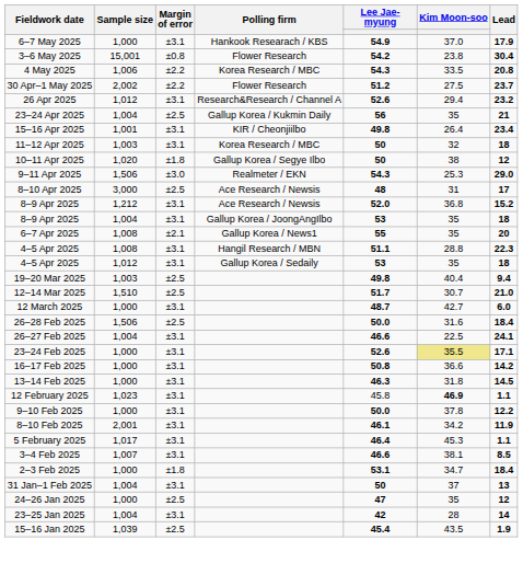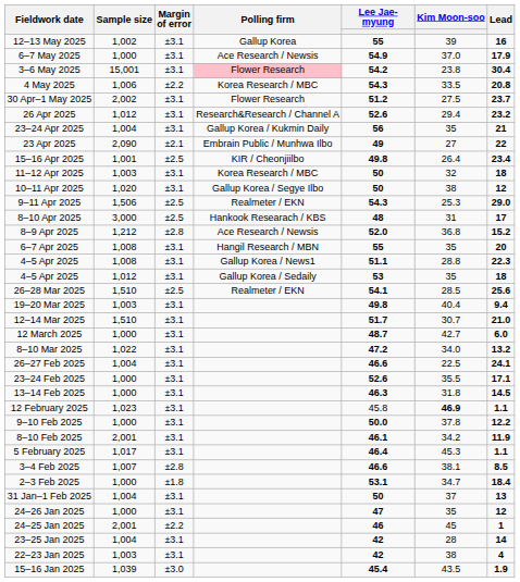 <table class="wikitable tpl-blanktable sortable tpl-blanktable mw-collapsible" style="text-align:center; font-size:85%; line-height:14px">
 <tr>
 <th class="unsortable" rowspan="2">Fieldwork date</th>
 <th class="unsortable" rowspan="2">Sample size</th>
 <th class="unsortable" rowspan="2">Margin<br>of error</th>
 <th class="unsortable" rowspan="2">Polling firm</th>
 <th class="unsortable" colspan="1" style="width:95px"><a href='#'>Lee Jae-myung</a></th>
 <th class="unsortable" colspan="1" style="width:95px"><a href='#'>Kim Moon-soo</a></th>
 <th rowspan="2" class="unsortable">Lead</th>
 </tr>
 <tr>
 <th colspan="1" style="background:"></th>
 <th colspan="1" style="background:"></th>
 </tr>
 <tr>
+<td data-sort-value="2025-5-13">12–13 May 2025</td>
+<td>1,002</td>
+<td>±3.1</td>
+<td>Gallup Korea</td>
+<td><strong>55</strong></td>
+<td>39</td>
+<td style="background:"><strong>16</strong></td>
+</tr>
+<tr>
 <td data-sort-value="2025-5-7">6–7 May 2025</td>
 <td>1,000</td>
 <td>±3.1</td>
-<td>Hankook Researach / KBS</td>
+<td>Ace Research / Newsis</td>
 <td><strong>54.9</strong></td>
 <td>37.0</td>
 <td style="background:"><strong>17.9</strong></td>
 </tr>
 <tr>
 <td data-sort-value="2025-5-6">3–6 May 2025</td>
 <td>15,001</td>
-<td>±0.8</td>
-<td>Flower Research</td>
+<td>±3.1</td>
+<td style="background: pink;">Flower Research</td>
 <td><strong>54.2</strong></td>
 <td>23.8</td>
 <td style="background:"><strong>30.4</strong></td>
 </tr>
 <tr>
 <td data-sort-value="2025-5-4">4 May 2025</td>
 <td>1,006</td>
 <td>±2.2</td>
 <td>Korea Research / MBC</td>
 <td><strong>54.3</strong></td>
 <td>33.5</td>
 <td style="background:"><strong>20.8</strong></td>
 </tr>
 <tr>
 <td data-sort-value="2025-5-1">30 Apr–1 May 2025</td>
 <td>2,002</td>
-<td>±2.2</td>
+<td>±3.1</td>
 <td>Flower Research</td>
 <td><strong>51.2</strong></td>
 <td>27.5</td>
 <td style="background:"><strong>23.7</strong></td>
 </tr>
 <tr>
 <td data-sort-value="2025-4-26">26 Apr 2025</td>
 <td>1,012</td>
 <td>±3.1</td>
 <td>Research&Research / Channel A</td>
 <td><strong>52.6</strong></td>
 <td>29.4</td>
 <td style="background:"><strong>23.2</strong></td>
 </tr>
 <tr>
 <td data-sort-value="2025-4-24">23–24 Apr 2025</td>
 <td>1,004</td>
-<td>±2.5</td>
+<td>±3.1</td>
 <td>Gallup Korea / Kukmin Daily</td>
 <td><strong>56</strong></td>
 <td>35</td>
 <td style="background:"><strong>21</strong></td>
 </tr>
 <tr>
+<td data-sort-value="2025-4-23">23 Apr 2025</td>
+<td>2,090</td>
+<td>±2.1</td>
+<td>Embrain Public / Munhwa Ilbo</td>
+<td><strong>49</strong></td>
+<td>27</td>
+<td style="background:"><strong>22</strong></td>
+</tr>
+<tr>
 <td data-sort-value="2025-4-16">15–16 Apr 2025</td>
 <td>1,001</td>
-<td>±3.1</td>
+<td>±2.5</td>
 <td>KIR / Cheonjiilbo</td>
 <td><strong>49.8</strong></td>
 <td>26.4</td>
 <td style="background:"><strong>23.4</strong></td>
 </tr>
 <tr>
 <td data-sort-value="2025-4-12">11–12 Apr 2025</td>
 <td>1,003</td>
 <td>±3.1</td>
 <td>Korea Research / MBC</td>
 <td><strong>50</strong></td>
 <td>32</td>
 <td style="background:"><strong>18</strong></td>
 </tr>
 <tr>
 <td data-sort-value="2025-4-11">10–11 Apr 2025</td>
 <td>1,020</td>
-<td>±1.8</td>
+<td>±3.1</td>
 <td>Gallup Korea / Segye Ilbo</td>
 <td><strong>50</strong></td>
 <td>38</td>
 <td style="background:"><strong>12</strong></td>
 </tr>
 <tr>
 <td data-sort-value="2025-4-11">9–11 Apr 2025</td>
 <td>1,506</td>
-<td>±3.0</td>
+<td>±2.5</td>
 <td>Realmeter / EKN</td>
 <td><strong>54.3</strong></td>
 <td>25.3</td>
 <td style="background:"><strong>29.0</strong></td>
 </tr>
 <tr>
 <td data-sort-value="2025-4-10">8–10 Apr 2025</td>
 <td>3,000</td>
 <td>±2.5</td>
-<td>Ace Research / Newsis</td>
+<td>Hankook Researach / KBS</td>
 <td><strong>48</strong></td>
 <td>31</td>
 <td style="background:"><strong>17</strong></td>
 </tr>
 <tr>
 <td data-sort-value="2025-4-9">8–9 Apr 2025</td>
 <td>1,212</td>
-<td>±3.1</td>
+<td>±2.8</td>
 <td>Ace Research / Newsis</td>
 <td><strong>52.0</strong></td>
 <td>36.8</td>
 <td style="background:"><strong>15.2</strong></td>
 </tr>
 <tr>
-<td data-sort-value="2025-4-9">8–9 Apr 2025</td>
-<td>1,004</td>
-<td>±3.1</td>
-<td>Gallup Korea / JoongAngIlbo</td>
-<td><strong>53</strong></td>
-<td>35</td>
-<td style="background:"><strong>18</strong></td>
-</tr>
-<tr>
 <td data-sort-value="2025-4-7">6–7 Apr 2025</td>
 <td>1,008</td>
-<td>±2.1</td>
-<td>Gallup Korea / News1</td>
+<td>±3.1</td>
+<td>Hangil Research / MBN</td>
 <td><strong>55</strong></td>
 <td>35</td>
 <td style="background:"><strong>20</strong></td>
 </tr>
 <tr>
 <td data-sort-value="2025-4-5">4–5 Apr 2025</td>
 <td>1,008</td>
 <td>±3.1</td>
-<td>Hangil Research / MBN</td>
+<td>Gallup Korea / News1</td>
 <td><strong>51.1</strong></td>
 <td>28.8</td>
 <td style="background:"><strong>22.3</strong></td>
 </tr>
 <tr>
 <td data-sort-value="2025-4-5">4–5 Apr 2025</td>
 <td>1,012</td>
 <td>±3.1</td>
 <td>Gallup Korea / Sedaily</td>
 <td><strong>53</strong></td>
 <td>35</td>
 <td style="background:"><strong>18</strong></td>
 </tr>
 <tr>
+<td data-sort-value="2025-3-28">26–28 Mar 2025</td>
+<td>1,510</td>
+<td>±2.5</td>
+<td>Realmeter / EKN</td>
+<td><strong>54.1</strong></td>
+<td>28.5</td>
+<td style="background:"><strong>25.6</strong></td>
+</tr>
+<tr>
 <td data-sort-value="2025-3-20">19–20 Mar 2025</td>
 <td>1,003</td>
-<td>±2.5</td>
+<td>±3.1</td>
 <td></td>
 <td><strong>49.8</strong></td>
 <td>40.4</td>
 <td style="background:"><strong>9.4</strong></td>
 </tr>
 <tr>
 <td data-sort-value="2025-3-14">12–14 Mar 2025</td>
 <td>1,510</td>
-<td>±2.5</td>
+<td>±3.1</td>
 <td></td>
 <td><strong>51.7</strong></td>
 <td>30.7</td>
 <td style="background:"><strong>21.0</strong></td>
 </tr>
 <tr>
 <td data-sort-value="2025-3-12">12 March 2025</td>
 <td>1,000</td>
 <td>±3.1</td>
 <td></td>
 <td><strong>48.7</strong></td>
 <td>42.7</td>
 <td style="background:"><strong>6.0</strong></td>
 </tr>
 <tr>
-<td data-sort-value="2025-2-28">26–28 Feb 2025</td>
-<td>1,506</td>
-<td>±2.5</td>
+<td data-sort-value="2025-3-10">8–10 Mar 2025</td>
+<td>1,022</td>
+<td>±3.1</td>
 <td></td>
-<td><strong>50.0</strong></td>
-<td>31.6</td>
-<td style="background:"><strong>18.4</strong></td>
+<td><strong>47.2</strong></td>
+<td>34.0</td>
+<td style="background:"><strong>13.2</strong></td>
 </tr>
 <tr>
 <td data-sort-value="2025-2-27">26–27 Feb 2025</td>
 <td>1,004</td>
 <td>±3.1</td>
 <td></td>
 <td><strong>46.6</strong></td>
 <td>22.5</td>
 <td style="background:"><strong>24.1</strong></td>
 </tr>
 <tr>
 <td data-sort-value="2025-2-24">23–24 Feb 2025</td>
 <td>1,000</td>
 <td>±3.1</td>
 <td></td>
 <td><strong>52.6</strong></td>
-<td style="background: khaki;">35.5</td>
+<td>35.5</td>
 <td style="background:"><strong>17.1</strong></td>
-</tr>
-<tr>
-<td data-sort-value="2025-2-17">16–17 Feb 2025</td>
-<td>1,000</td>
-<td>±3.1</td>
-<td></td>
-<td><strong>50.8</strong></td>
-<td>36.6</td>
-<td style="background:"><strong>14.2</strong></td>
 </tr>
 <tr>
 <td data-sort-value="2025-2-14">13–14 Feb 2025</td>
 <td>1,000</td>
 <td>±3.1</td>
 <td></td>
 <td><strong>46.3</strong></td>
 <td>31.8</td>
 <td style="background:"><strong>14.5</strong></td>
 </tr>
 <tr>
 <td data-sort-value="2025-2-12">12 February 2025</td>
 <td>1,023</td>
 <td>±3.1</td>
 <td></td>
 <td>45.8</td>
 <td><strong>46.9</strong></td>
 <td style="background:"><strong>1.1</strong></td>
 </tr>
 <tr>
 <td data-sort-value="2025-2-10">9–10 Feb 2025</td>
 <td>1,000</td>
 <td>±3.1</td>
 <td></td>
 <td><strong>50.0</strong></td>
 <td>37.8</td>
 <td style="background:"><strong>12.2</strong></td>
 </tr>
 <tr>
 <td data-sort-value="2025-2-10">8–10 Feb 2025</td>
 <td>2,001</td>
 <td>±3.1</td>
 <td></td>
 <td><strong>46.1</strong></td>
 <td>34.2</td>
 <td style="background:"><strong>11.9</strong></td>
 </tr>
 <tr>
 <td data-sort-value="2025-2-5">5 February 2025</td>
 <td>1,017</td>
 <td>±3.1</td>
 <td></td>
 <td><strong>46.4</strong></td>
 <td>45.3</td>
 <td style="background:"><strong>1.1</strong></td>
 </tr>
 <tr>
 <td data-sort-value="2025-2-4">3–4 Feb 2025</td>
 <td>1,007</td>
-<td>±3.1</td>
+<td>±2.8</td>
 <td></td>
 <td><strong>46.6</strong></td>
 <td>38.1</td>
 <td style="background:"><strong>8.5</strong></td>
 </tr>
 <tr>
 <td data-sort-value="2025-2-3">2–3 Feb 2025</td>
 <td>1,000</td>
 <td>±1.8</td>
 <td></td>
 <td><strong>53.1</strong></td>
 <td>34.7</td>
 <td style="background:"><strong>18.4</strong></td>
 </tr>
 <tr>
 <td data-sort-value="2025-2-1">31 Jan–1 Feb 2025</td>
 <td>1,004</td>
 <td>±3.1</td>
 <td></td>
 <td><strong>50</strong></td>
 <td>37</td>
 <td style="background:"><strong>13</strong></td>
 </tr>
 <tr>
 <td data-sort-value="2025-1-26">24–26 Jan 2025</td>
 <td>1,000</td>
-<td>±2.5</td>
+<td>±3.1</td>
 <td></td>
 <td><strong>47</strong></td>
 <td>35</td>
 <td style="background:"><strong>12</strong></td>
+</tr>
+<tr>
+<td data-sort-value="2025-1-25">24–25 Jan 2025</td>
+<td>2,001</td>
+<td>±2.2</td>
+<td></td>
+<td><strong>46</strong></td>
+<td>45</td>
+<td style="background:"><strong>1</strong></td>
 </tr>
 <tr>
 <td data-sort-value="2025-1-25">23–25 Jan 2025</td>
 <td>1,004</td>
 <td>±3.1</td>
 <td></td>
 <td><strong>42</strong></td>
 <td>28</td>
 <td style="background:"><strong>14</strong></td>
 </tr>
 <tr>
+<td data-sort-value="2025-1-23">22–23 Jan 2025</td>
+<td>1,003</td>
+<td>±3.1</td>
+<td></td>
+<td><strong>42</strong></td>
+<td>38</td>
+<td style="background:"><strong>4</strong></td>
+</tr>
+<tr>
 <td data-sort-value="2025-1-16">15–16 Jan 2025</td>
 <td>1,039</td>
-<td>±2.5</td>
+<td>±3.0</td>
 <td></td>
 <td><strong>45.4</strong></td>
 <td>43.5</td>
 <td style="background:"><strong>1.9</strong></td>
 </tr>
 </table>
